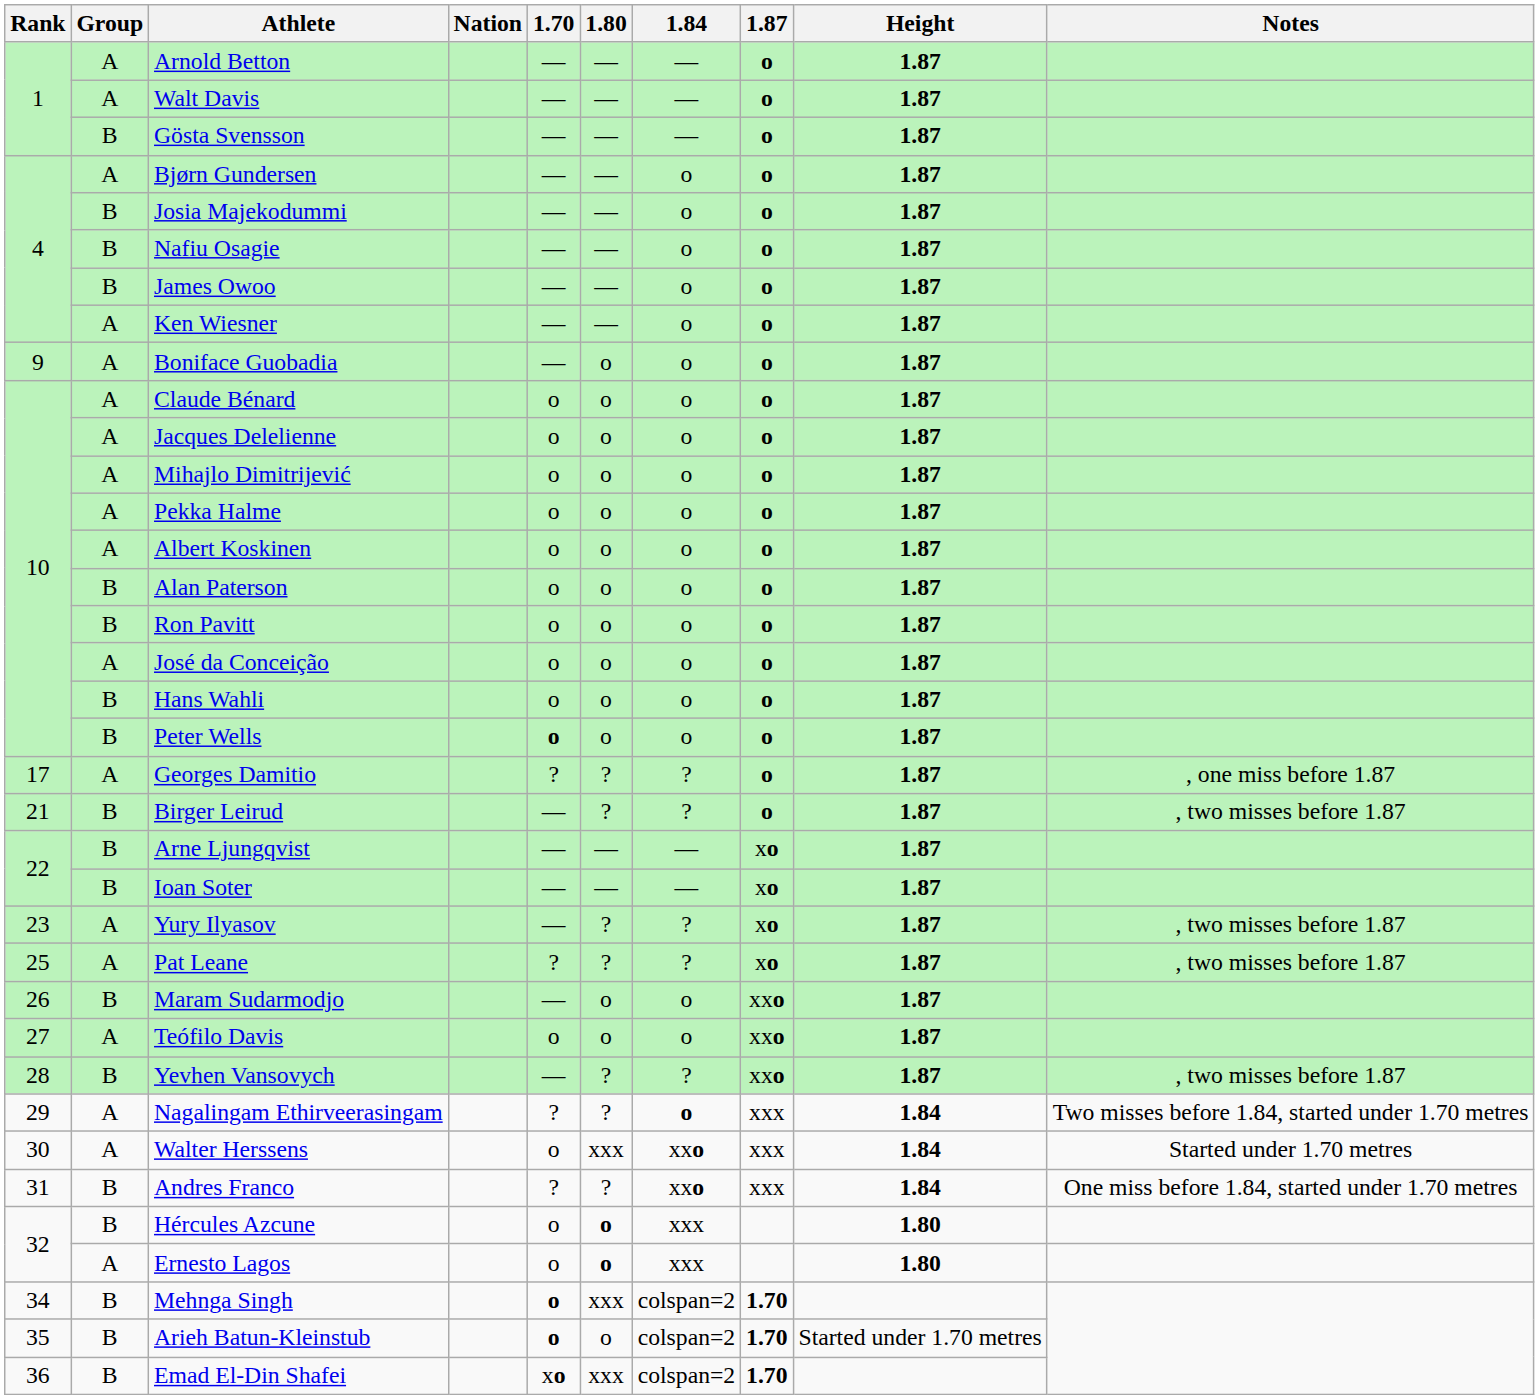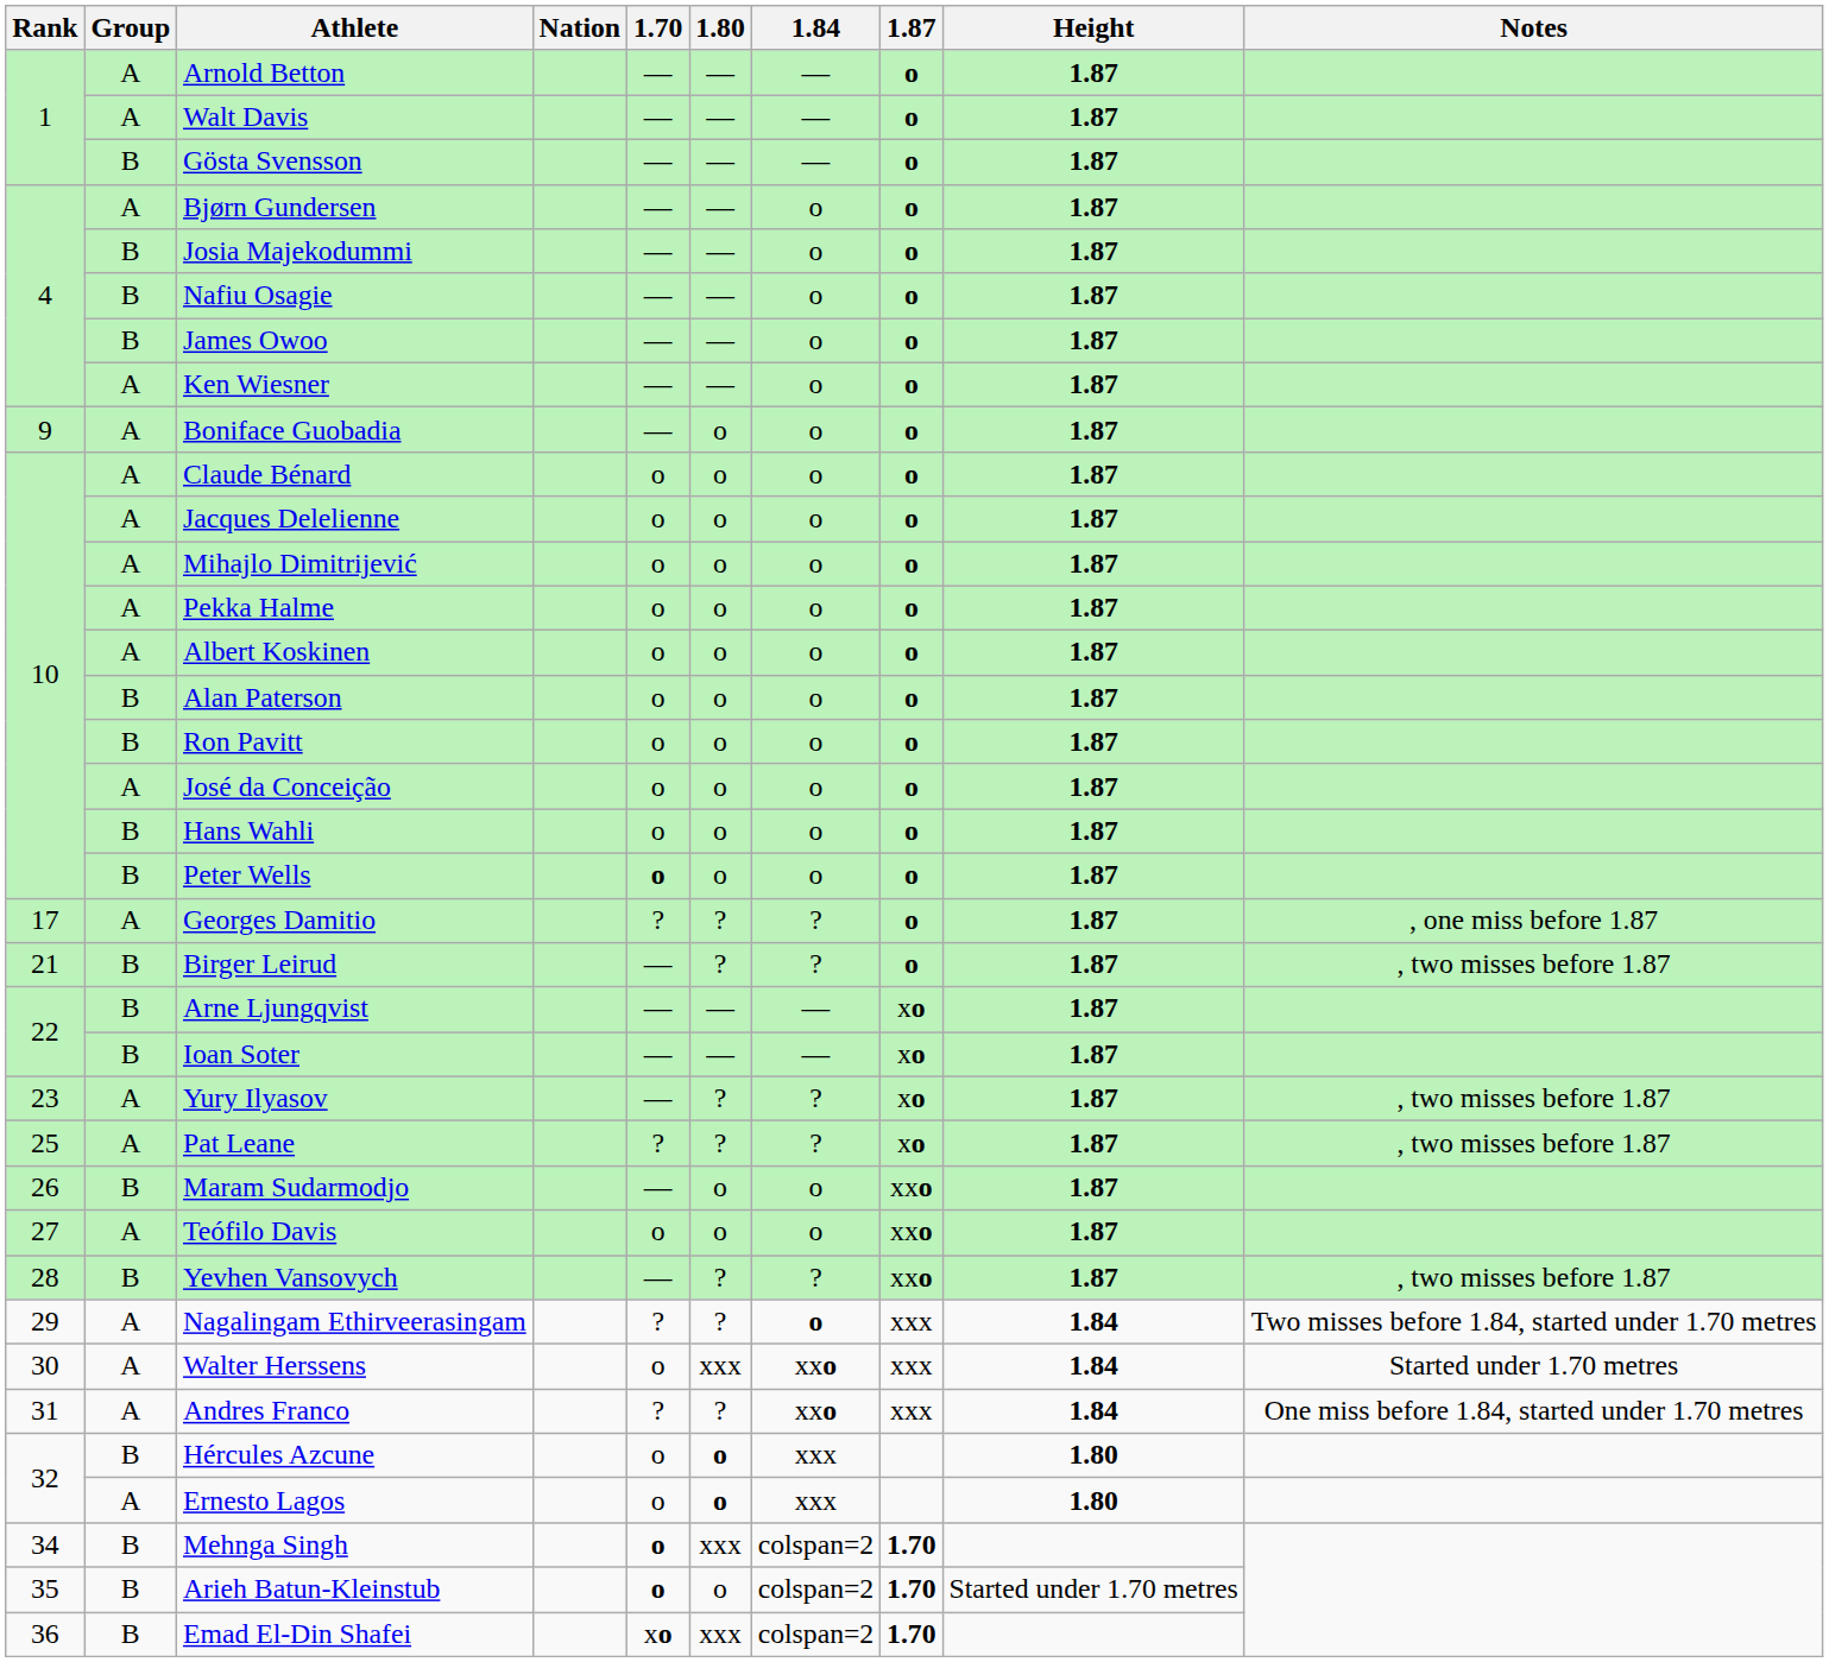 <table class="wikitable sortable" style="text-align:center">
 <tr>
 <th>Rank</th>
 <th>Group</th>
 <th>Athlete</th>
 <th>Nation</th>
 <th>1.70</th>
 <th>1.80</th>
 <th>1.84</th>
 <th>1.87</th>
 <th>Height</th>
 <th>Notes</th>
 </tr>
 <tr bgcolor=bbf3bb>
 <td rowspan=3>1</td>
 <td>A</td>
 <td align="left"><a href='#'>Arnold Betton</a></td>
 <td align="left"></td>
 <td>—</td>
 <td>—</td>
 <td>—</td>
 <td><strong>o</strong></td>
 <td><strong>1.87</strong></td>
 <td></td>
 </tr>
 <tr bgcolor=bbf3bb>
 <td>A</td>
 <td align="left"><a href='#'>Walt Davis</a></td>
 <td align="left"></td>
 <td>—</td>
 <td>—</td>
 <td>—</td>
 <td><strong>o</strong></td>
 <td><strong>1.87</strong></td>
 <td></td>
 </tr>
 <tr bgcolor=bbf3bb>
 <td>B</td>
 <td align="left"><a href='#'>Gösta Svensson</a></td>
 <td align="left"></td>
 <td>—</td>
 <td>—</td>
 <td>—</td>
 <td><strong>o</strong></td>
 <td><strong>1.87</strong></td>
 <td></td>
 </tr>
 <tr bgcolor=bbf3bb>
 <td rowspan=5>4</td>
 <td>A</td>
 <td align="left"><a href='#'>Bjørn Gundersen</a></td>
 <td align="left"></td>
 <td>—</td>
 <td>—</td>
 <td>o</td>
 <td><strong>o</strong></td>
 <td><strong>1.87</strong></td>
 <td></td>
 </tr>
 <tr bgcolor=bbf3bb>
 <td>B</td>
 <td align="left"><a href='#'>Josia Majekodummi</a></td>
 <td align="left"></td>
 <td>—</td>
 <td>—</td>
 <td>o</td>
 <td><strong>o</strong></td>
 <td><strong>1.87</strong></td>
 <td></td>
 </tr>
 <tr bgcolor=bbf3bb>
 <td>B</td>
 <td align="left"><a href='#'>Nafiu Osagie</a></td>
 <td align="left"></td>
 <td>—</td>
 <td>—</td>
 <td>o</td>
 <td><strong>o</strong></td>
 <td><strong>1.87</strong></td>
 <td></td>
 </tr>
 <tr bgcolor=bbf3bb>
 <td>B</td>
 <td align="left"><a href='#'>James Owoo</a></td>
 <td align="left"></td>
 <td>—</td>
 <td>—</td>
 <td>o</td>
 <td><strong>o</strong></td>
 <td><strong>1.87</strong></td>
 <td></td>
 </tr>
 <tr bgcolor=bbf3bb>
 <td>A</td>
 <td align="left"><a href='#'>Ken Wiesner</a></td>
 <td align="left"></td>
 <td>—</td>
 <td>—</td>
 <td>o</td>
 <td><strong>o</strong></td>
 <td><strong>1.87</strong></td>
 <td></td>
 </tr>
 <tr bgcolor=bbf3bb>
 <td>9</td>
 <td>A</td>
 <td align="left"><a href='#'>Boniface Guobadia</a></td>
 <td align="left"></td>
 <td>—</td>
 <td>o</td>
 <td>o</td>
 <td><strong>o</strong></td>
 <td><strong>1.87</strong></td>
 <td></td>
 </tr>
 <tr bgcolor=bbf3bb>
 <td rowspan=10>10</td>
 <td>A</td>
 <td align="left"><a href='#'>Claude Bénard</a></td>
 <td align="left"></td>
 <td>o</td>
 <td>o</td>
 <td>o</td>
 <td><strong>o</strong></td>
 <td><strong>1.87</strong></td>
 <td></td>
 </tr>
 <tr bgcolor=bbf3bb>
 <td>A</td>
 <td align="left"><a href='#'>Jacques Delelienne</a></td>
 <td align="left"></td>
 <td>o</td>
 <td>o</td>
 <td>o</td>
 <td><strong>o</strong></td>
 <td><strong>1.87</strong></td>
 <td></td>
 </tr>
 <tr bgcolor=bbf3bb>
 <td>A</td>
 <td align="left"><a href='#'>Mihajlo Dimitrijević</a></td>
 <td align="left"></td>
 <td>o</td>
 <td>o</td>
 <td>o</td>
 <td><strong>o</strong></td>
 <td><strong>1.87</strong></td>
 <td></td>
 </tr>
 <tr bgcolor=bbf3bb>
 <td>A</td>
 <td align="left"><a href='#'>Pekka Halme</a></td>
 <td align="left"></td>
 <td>o</td>
 <td>o</td>
 <td>o</td>
 <td><strong>o</strong></td>
 <td><strong>1.87</strong></td>
 <td></td>
 </tr>
 <tr bgcolor=bbf3bb>
 <td>A</td>
 <td align="left"><a href='#'>Albert Koskinen</a></td>
 <td align="left"></td>
 <td>o</td>
 <td>o</td>
 <td>o</td>
 <td><strong>o</strong></td>
 <td><strong>1.87</strong></td>
 <td></td>
 </tr>
 <tr bgcolor=bbf3bb>
 <td>B</td>
 <td align="left"><a href='#'>Alan Paterson</a></td>
 <td align="left"></td>
 <td>o</td>
 <td>o</td>
 <td>o</td>
 <td><strong>o</strong></td>
 <td><strong>1.87</strong></td>
 <td></td>
 </tr>
 <tr bgcolor=bbf3bb>
 <td>B</td>
 <td align="left"><a href='#'>Ron Pavitt</a></td>
 <td align="left"></td>
 <td>o</td>
 <td>o</td>
 <td>o</td>
 <td><strong>o</strong></td>
 <td><strong>1.87</strong></td>
 <td></td>
 </tr>
 <tr bgcolor=bbf3bb>
 <td>A</td>
 <td align="left"><a href='#'>José da Conceição</a></td>
 <td align="left"></td>
 <td>o</td>
 <td>o</td>
 <td>o</td>
 <td><strong>o</strong></td>
 <td><strong>1.87</strong></td>
 <td></td>
 </tr>
 <tr bgcolor=bbf3bb>
 <td>B</td>
 <td align="left"><a href='#'>Hans Wahli</a></td>
 <td align="left"></td>
 <td>o</td>
 <td>o</td>
 <td>o</td>
 <td><strong>o</strong></td>
 <td><strong>1.87</strong></td>
 <td></td>
 </tr>
 <tr bgcolor=bbf3bb>
 <td>B</td>
 <td align="left"><a href='#'>Peter Wells</a></td>
 <td align="left"></td>
 <td><strong>o</strong></td>
 <td>o</td>
 <td>o</td>
 <td><strong>o</strong></td>
 <td><strong>1.87</strong></td>
 <td></td>
 </tr>
 <tr bgcolor=bbf3bb>
 <td>17</td>
 <td>A</td>
 <td align="left"><a href='#'>Georges Damitio</a></td>
 <td align="left"></td>
 <td>?</td>
 <td>?</td>
 <td>?</td>
 <td><strong>o</strong></td>
 <td><strong>1.87</strong></td>
 <td>, one miss before 1.87</td>
 </tr>
 <tr bgcolor=bbf3bb>
 <td>21</td>
 <td>B</td>
 <td align="left"><a href='#'>Birger Leirud</a></td>
 <td align="left"></td>
 <td>—</td>
 <td>?</td>
 <td>?</td>
 <td><strong>o</strong></td>
 <td><strong>1.87</strong></td>
 <td>, two misses before 1.87</td>
 </tr>
 <tr bgcolor=bbf3bb>
 <td rowspan=2>22</td>
 <td>B</td>
 <td align="left"><a href='#'>Arne Ljungqvist</a></td>
 <td align="left"></td>
 <td>—</td>
 <td>—</td>
 <td>—</td>
 <td>x<strong>o</strong></td>
 <td><strong>1.87</strong></td>
 <td></td>
 </tr>
 <tr bgcolor=bbf3bb>
 <td>B</td>
 <td align="left"><a href='#'>Ioan Soter</a></td>
 <td align="left"></td>
 <td>—</td>
 <td>—</td>
 <td>—</td>
 <td>x<strong>o</strong></td>
 <td><strong>1.87</strong></td>
 <td></td>
 </tr>
 <tr bgcolor=bbf3bb>
 <td>23</td>
 <td>A</td>
 <td align="left"><a href='#'>Yury Ilyasov</a></td>
 <td align="left"></td>
 <td>—</td>
 <td>?</td>
 <td>?</td>
 <td>x<strong>o</strong></td>
 <td><strong>1.87</strong></td>
 <td>, two misses before 1.87</td>
 </tr>
 <tr bgcolor=bbf3bb>
 <td>25</td>
 <td>A</td>
 <td align="left"><a href='#'>Pat Leane</a></td>
 <td align="left"></td>
 <td>?</td>
 <td>?</td>
 <td>?</td>
 <td>x<strong>o</strong></td>
 <td><strong>1.87</strong></td>
 <td>, two misses before 1.87</td>
 </tr>
 <tr bgcolor=bbf3bb>
 <td>26</td>
 <td>B</td>
 <td align="left"><a href='#'>Maram Sudarmodjo</a></td>
 <td align="left"></td>
 <td>—</td>
 <td>o</td>
 <td>o</td>
 <td>xx<strong>o</strong></td>
 <td><strong>1.87</strong></td>
 <td></td>
 </tr>
 <tr bgcolor=bbf3bb>
 <td>27</td>
 <td>A</td>
 <td align="left"><a href='#'>Teófilo Davis</a></td>
 <td align="left"></td>
 <td>o</td>
 <td>o</td>
 <td>o</td>
 <td>xx<strong>o</strong></td>
 <td><strong>1.87</strong></td>
 <td></td>
 </tr>
 <tr bgcolor=bbf3bb>
 <td>28</td>
 <td>B</td>
 <td align="left"><a href='#'>Yevhen Vansovych</a></td>
 <td align="left"></td>
 <td>—</td>
 <td>?</td>
 <td>?</td>
 <td>xx<strong>o</strong></td>
 <td><strong>1.87</strong></td>
 <td>, two misses before 1.87</td>
 </tr>
 <tr>
 <td>29</td>
 <td>A</td>
 <td align="left"><a href='#'>Nagalingam Ethirveerasingam</a></td>
 <td align="left"></td>
 <td>?</td>
 <td>?</td>
 <td><strong>o</strong></td>
 <td>xxx</td>
 <td><strong>1.84</strong></td>
 <td>Two misses before 1.84, started under 1.70 metres</td>
 </tr>
 <tr>
 <td>30</td>
 <td>A</td>
 <td align="left"><a href='#'>Walter Herssens</a></td>
 <td align="left"></td>
 <td>o</td>
 <td>xxx</td>
 <td>xx<strong>o</strong></td>
 <td>xxx</td>
 <td><strong>1.84</strong></td>
 <td>Started under 1.70 metres</td>
 </tr>
 <tr>
 <td>31</td>
-<td>B</td>
+<td>A</td>
 <td align="left"><a href='#'>Andres Franco</a></td>
 <td align="left"></td>
 <td>?</td>
 <td>?</td>
 <td>xx<strong>o</strong></td>
 <td>xxx</td>
 <td><strong>1.84</strong></td>
 <td>One miss before 1.84, started under 1.70 metres</td>
 </tr>
 <tr>
 <td rowspan=2>32</td>
 <td>B</td>
 <td align="left"><a href='#'>Hércules Azcune</a></td>
 <td align="left"></td>
 <td>o</td>
 <td><strong>o</strong></td>
 <td>xxx</td>
 <td></td>
 <td><strong>1.80</strong></td>
 <td></td>
 </tr>
 <tr>
 <td>A</td>
 <td align="left"><a href='#'>Ernesto Lagos</a></td>
 <td align="left"></td>
 <td>o</td>
 <td><strong>o</strong></td>
 <td>xxx</td>
 <td></td>
 <td><strong>1.80</strong></td>
 <td></td>
 </tr>
 <tr>
 <td>34</td>
 <td>B</td>
 <td align="left"><a href='#'>Mehnga Singh</a></td>
 <td align="left"></td>
 <td><strong>o</strong></td>
 <td>xxx</td>
 <td>colspan=2 </td>
 <td><strong>1.70</strong></td>
 <td></td>
 </tr>
 <tr>
 <td>35</td>
 <td>B</td>
 <td align="left"><a href='#'>Arieh Batun-Kleinstub</a></td>
 <td align="left"></td>
 <td><strong>o</strong></td>
 <td>o</td>
 <td>colspan=2 </td>
 <td><strong>1.70</strong></td>
 <td>Started under 1.70 metres</td>
 </tr>
 <tr>
 <td>36</td>
 <td>B</td>
 <td align="left"><a href='#'>Emad El-Din Shafei</a></td>
 <td align="left"></td>
 <td>x<strong>o</strong></td>
 <td>xxx</td>
 <td>colspan=2 </td>
 <td><strong>1.70</strong></td>
 <td></td>
 </tr>
 </table>
